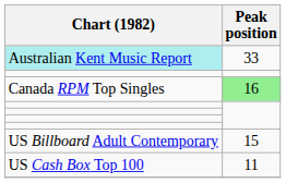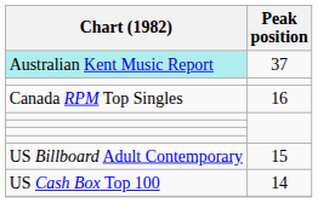 <table class="wikitable sortable">
 <tr>
 <th>Chart (1982)</th>
 <th>Peak<br>position</th>
 </tr>
 <tr>
 <td style="background: paleturquoise;">Australian <a href='#'>Kent Music Report</a></td>
-<td align="center">33</td>
+<td align="center">37</td>
 </tr>
 <tr>
 <td></td>
 </tr>
 <tr>
 <td>Canada <em><a href='#'>RPM</a></em> Top Singles</td>
-<td style="background: lightgreen; text-align:center;">16</td>
+<td style="text-align:center;">16</td>
 </tr>
 <tr>
 <td></td>
 </tr>
 <tr>
 <td></td>
 </tr>
 <tr>
 <td></td>
 </tr>
 <tr>
 <td></td>
 </tr>
 <tr>
 <td>US <em>Billboard</em> <a href='#'>Adult Contemporary</a></td>
 <td style="text-align:center;">15</td>
 </tr>
 <tr>
 <td>US <a href='#'><em>Cash Box</em> Top 100</a></td>
-<td align="center">11</td>
+<td align="center">14</td>
 </tr>
 <tr>
 </tr>
 </table>
